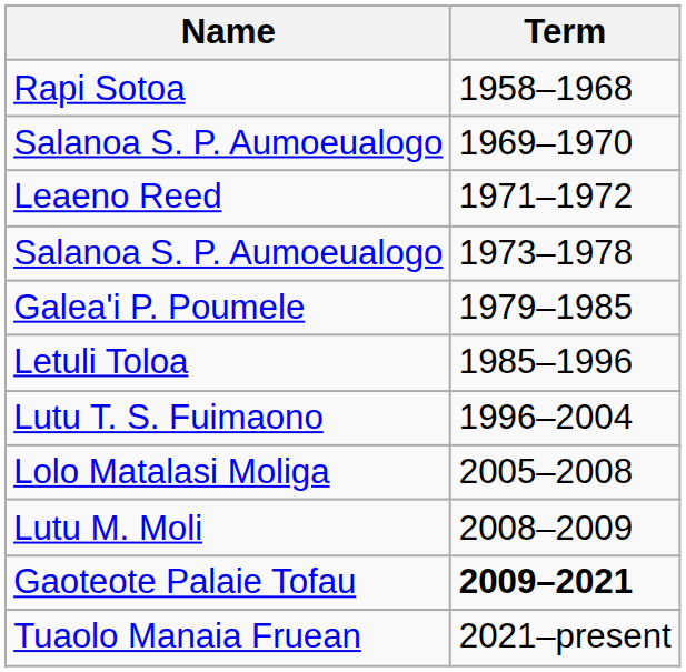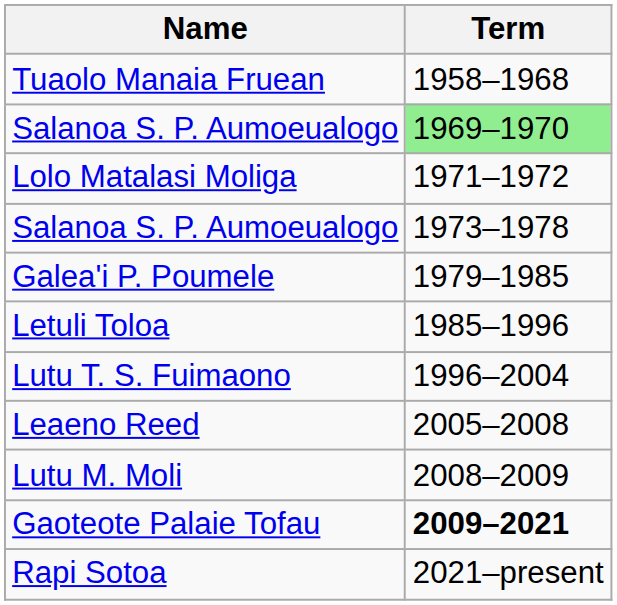 <table class=wikitable>
 <tr>
 <th>Name</th>
 <th>Term</th>
 </tr>
 <tr>
-<td><a href='#'>Rapi Sotoa</a></td>
+<td><a href='#'>Tuaolo Manaia Fruean</a></td>
 <td>1958–1968</td>
 </tr>
 <tr>
 <td><a href='#'>Salanoa S. P. Aumoeualogo</a></td>
-<td>1969–1970</td>
+<td style="background: lightgreen;">1969–1970</td>
 </tr>
 <tr>
-<td><a href='#'>Leaeno Reed</a></td>
+<td><a href='#'>Lolo Matalasi Moliga</a></td>
 <td>1971–1972</td>
 </tr>
 <tr>
 <td><a href='#'>Salanoa S. P. Aumoeualogo</a></td>
 <td>1973–1978</td>
 </tr>
 <tr>
 <td><a href='#'>Galea'i P. Poumele</a></td>
 <td>1979–1985</td>
 </tr>
 <tr>
 <td><a href='#'>Letuli Toloa</a></td>
 <td>1985–1996</td>
 </tr>
 <tr>
 <td><a href='#'>Lutu T. S. Fuimaono</a></td>
 <td>1996–2004</td>
 </tr>
 <tr>
-<td><a href='#'>Lolo Matalasi Moliga</a></td>
+<td><a href='#'>Leaeno Reed</a></td>
 <td>2005–2008</td>
 </tr>
 <tr>
 <td><a href='#'>Lutu M. Moli</a></td>
 <td>2008–2009</td>
 </tr>
 <tr>
 <td><a href='#'>Gaoteote Palaie Tofau</a></td>
 <td><strong>2009–2021</strong></td>
 </tr>
 <tr>
-<td><a href='#'>Tuaolo Manaia Fruean</a></td>
+<td><a href='#'>Rapi Sotoa</a></td>
 <td>2021–present</td>
 </tr>
 </table>
